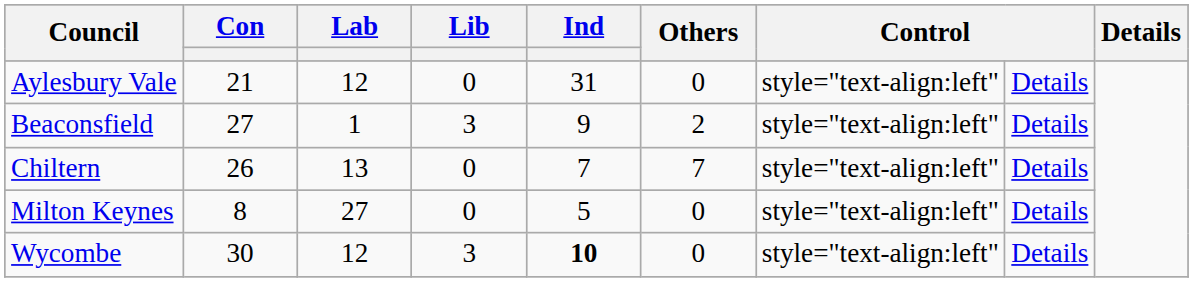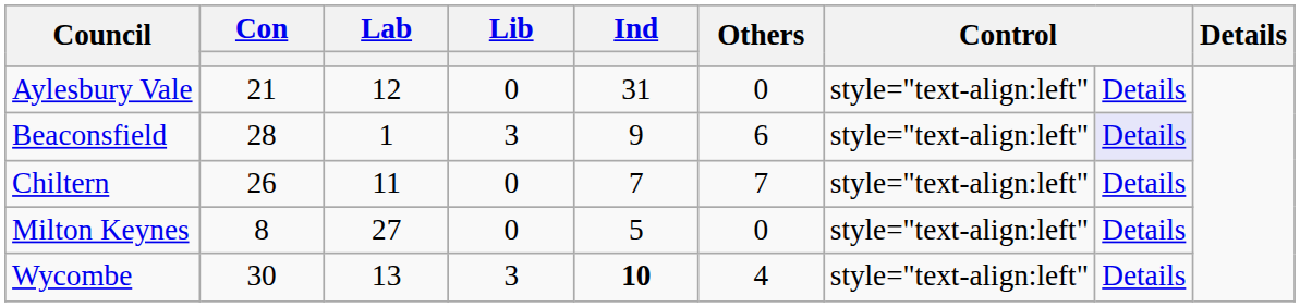 <table class="wikitable" style="text-align:center;">
 <tr>
 <th rowspan=2>Council</th>
 <th style="width:60px;"><a href='#'>Con</a></th>
 <th style="width:60px;"><a href='#'>Lab</a></th>
 <th style="width:60px;"><a href='#'>Lib</a></th>
 <th style="width:60px;"><a href='#'>Ind</a></th>
 <th style="width:60px;" rowspan=2>Others</th>
 <th rowspan=2 colspan=2>Control</th>
 <th rowspan=2>Details</th>
 </tr>
 <tr>
 <th style="background:"></th>
 <th style="background:"></th>
 <th style="background:"></th>
 <th style="background:"></th>
 </tr>
 <tr>
 <td style="text-align:left"><a href='#'>Aylesbury Vale</a></td>
 <td>21</td>
 <td>12</td>
 <td>0</td>
 <td>31</td>
 <td>0</td>
 <td>style="text-align:left" </td>
 <td style="text-align:left"><a href='#'>Details</a></td>
 </tr>
 <tr>
 <td style="text-align:left"><a href='#'>Beaconsfield</a></td>
-<td>27</td>
+<td>28</td>
 <td>1</td>
 <td>3</td>
 <td>9</td>
-<td>2</td>
+<td>6</td>
 <td>style="text-align:left" </td>
-<td style="text-align:left"><a href='#'>Details</a></td>
+<td style="background: lavender; text-align:left"><a href='#'>Details</a></td>
 </tr>
 <tr>
 <td style="text-align:left"><a href='#'>Chiltern</a></td>
 <td>26</td>
-<td>13</td>
+<td>11</td>
 <td>0</td>
 <td>7</td>
 <td>7</td>
 <td>style="text-align:left" </td>
 <td style="text-align:left"><a href='#'>Details</a></td>
 </tr>
 <tr>
 <td style="text-align:left"><a href='#'>Milton Keynes</a></td>
 <td>8</td>
 <td>27</td>
 <td>0</td>
 <td>5</td>
 <td>0</td>
 <td>style="text-align:left" </td>
 <td style="text-align:left"><a href='#'>Details</a></td>
 </tr>
 <tr>
 <td style="text-align:left"><a href='#'>Wycombe</a></td>
 <td>30</td>
-<td>12</td>
+<td>13</td>
 <td>3</td>
 <td><strong>10</strong></td>
-<td>0</td>
+<td>4</td>
 <td>style="text-align:left" </td>
 <td style="text-align:left"><a href='#'>Details</a></td>
 </tr>
 </table>
